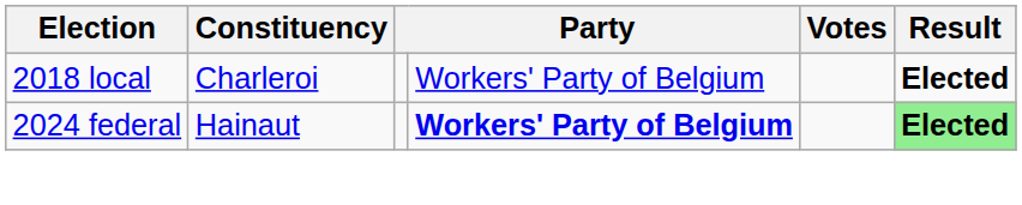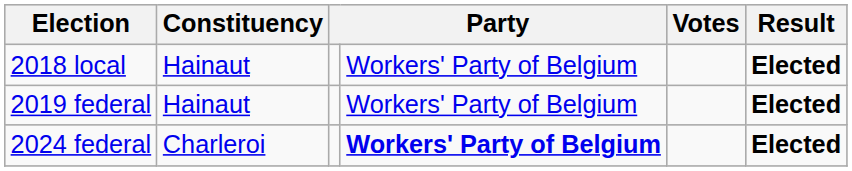 <table class="wikitable" style="text-align:left;">
 <tr>
 <th scope=col>Election</th>
 <th scope=col>Constituency</th>
 <th scope=col colspan="2">Party</th>
 <th scope=col>Votes</th>
 <th scope=col>Result</th>
 </tr>
 <tr>
 <td><a href='#'>2018 local</a></td>
-<td><a href='#'>Charleroi</a></td>
+<td><a href='#'>Hainaut</a></td>
+<td style="background:"></td>
+<td><a href='#'>Workers' Party of Belgium</a></td>
+<td align=right></td>
+<td><strong>Elected</strong></td>
+</tr>
+<tr>
+<td><a href='#'>2019 federal</a></td>
+<td><a href='#'>Hainaut</a></td>
 <td style="background:"></td>
 <td><a href='#'>Workers' Party of Belgium</a></td>
 <td align=right></td>
 <td><strong>Elected</strong></td>
 </tr>
 <tr>
 <td><a href='#'>2024 federal</a></td>
-<td><a href='#'>Hainaut</a></td>
+<td><a href='#'>Charleroi</a></td>
 <td style="background:"></td>
 <td><strong><a href='#'>Workers' Party of Belgium</a></strong></td>
 <td align=right></td>
-<td style="background: lightgreen;"><strong>Elected</strong></td>
+<td><strong>Elected</strong></td>
 </tr>
 </table>
